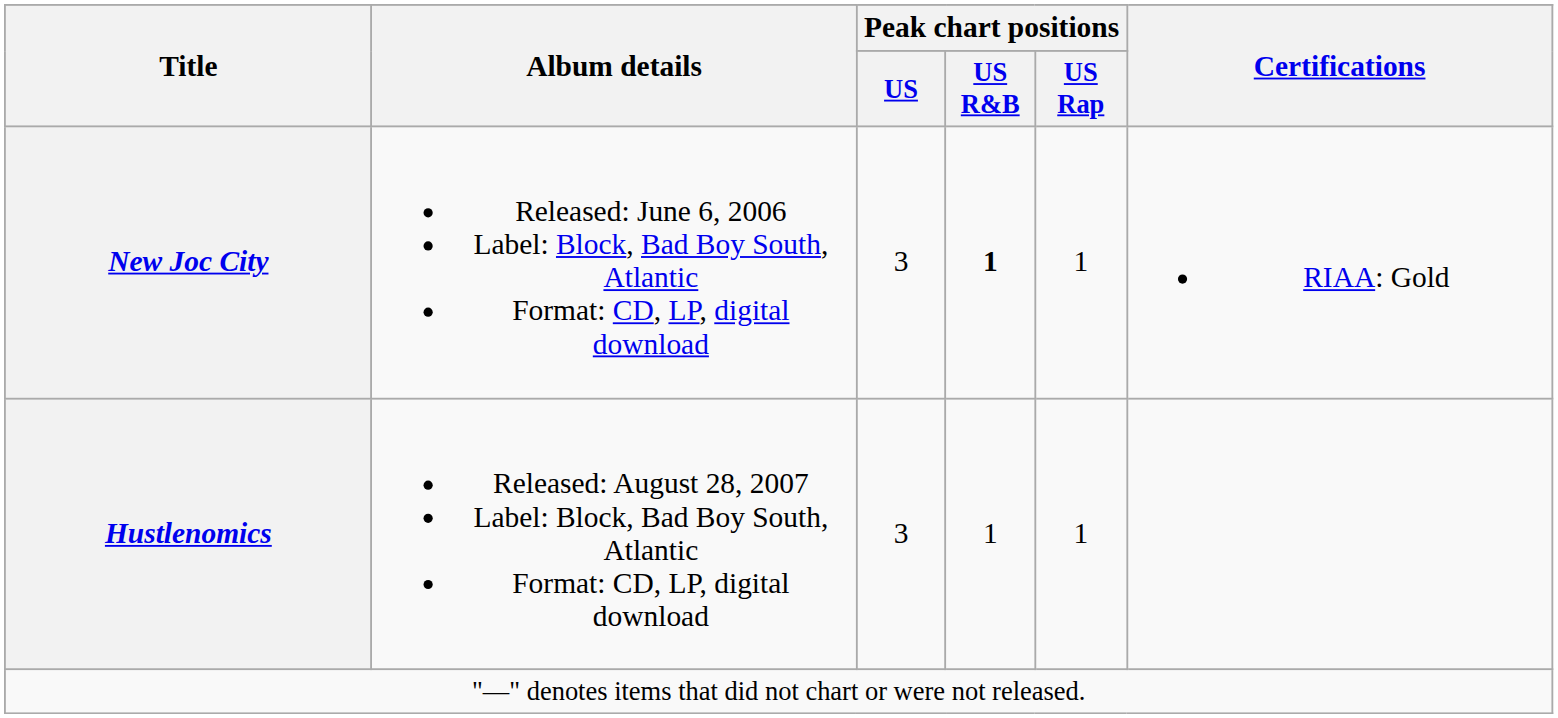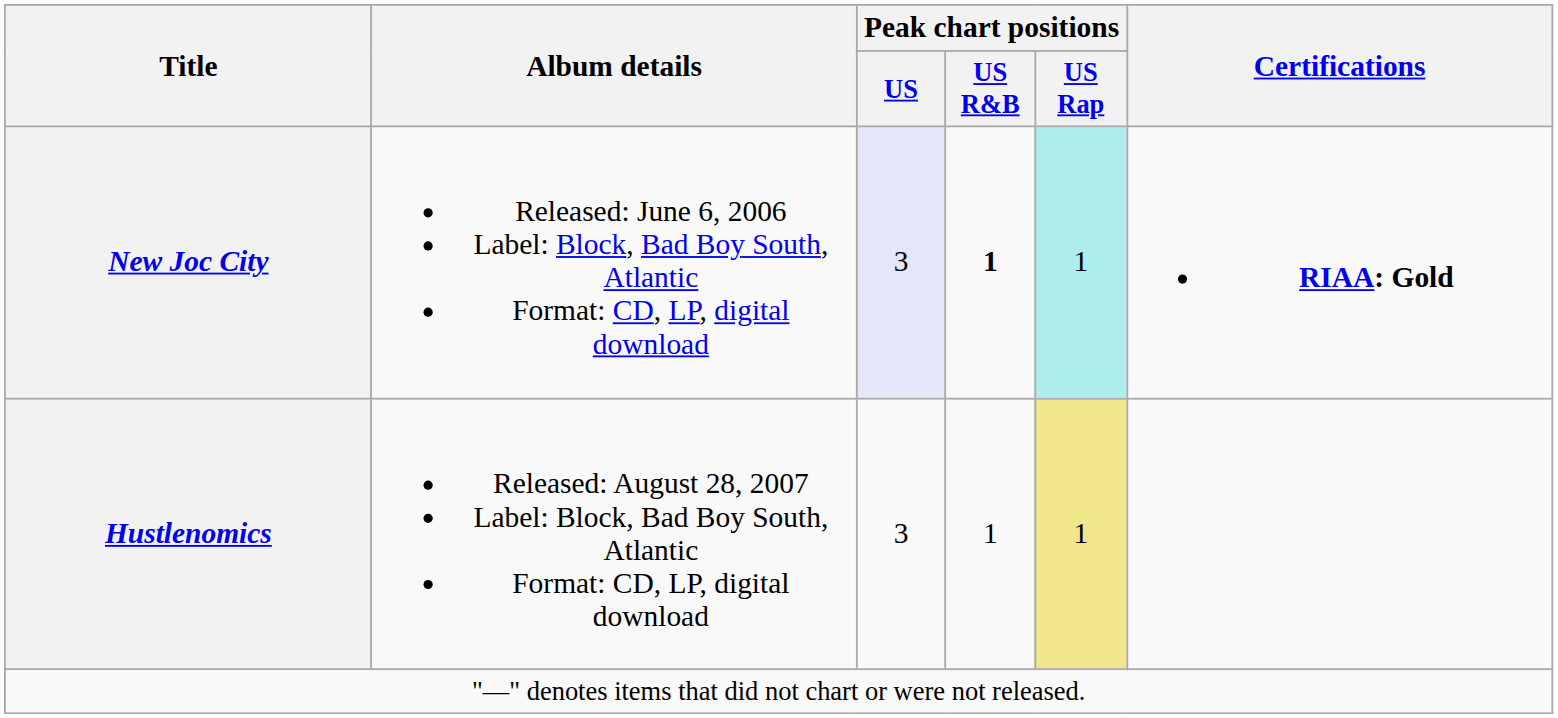 <table class="wikitable plainrowheaders" style="text-align:center;" border="1">
 <tr>
 <th scope="col" rowspan="2" style="width:12em;">Title</th>
 <th scope="col" rowspan="2" style="width:16em;">Album details</th>
 <th scope="col" colspan="3">Peak chart positions</th>
 <th scope="col" rowspan="2" style="width:14em;"><a href='#'>Certifications</a></th>
 </tr>
 <tr>
 <th scope="col" style="width:2.9em;font-size:90%;"><a href='#'>US</a><br></th>
 <th scope="col" style="width:2.9em;font-size:90%;"><a href='#'>US<br>R&B</a><br></th>
 <th scope="col" style="width:3em;font-size:90%;"><a href='#'>US Rap</a><br></th>
 </tr>
 <tr>
 <th scope="row"><em><a href='#'>New Joc City</a></em></th>
 <td><br><ul><li>Released: June 6, 2006</li><li>Label: <a href='#'>Block</a>, <a href='#'>Bad Boy South</a>, <a href='#'>Atlantic</a></li><li>Format: <a href='#'>CD</a>, <a href='#'>LP</a>, <a href='#'>digital download</a></li></ul></td>
-<td>3</td>
+<td style="background: lavender;">3</td>
 <td><strong>1</strong></td>
-<td>1</td>
-<td><br><ul><li><a href='#'>RIAA</a>: Gold</li></ul></td>
+<td style="background: paleturquoise;">1</td>
+<td><strong><br><ul><li><a href='#'>RIAA</a>: Gold</li></ul></strong></td>
 </tr>
 <tr>
 <th scope="row"><em><a href='#'>Hustlenomics</a></em></th>
 <td><br><ul><li>Released: August 28, 2007</li><li>Label: Block, Bad Boy South, Atlantic</li><li>Format: CD, LP, digital download</li></ul></td>
 <td>3</td>
 <td>1</td>
-<td>1</td>
+<td style="background: khaki;">1</td>
 <td></td>
 </tr>
 <tr>
 <td colspan="14" style="font-size:90%">"—" denotes items that did not chart or were not released.</td>
 </tr>
 </table>
